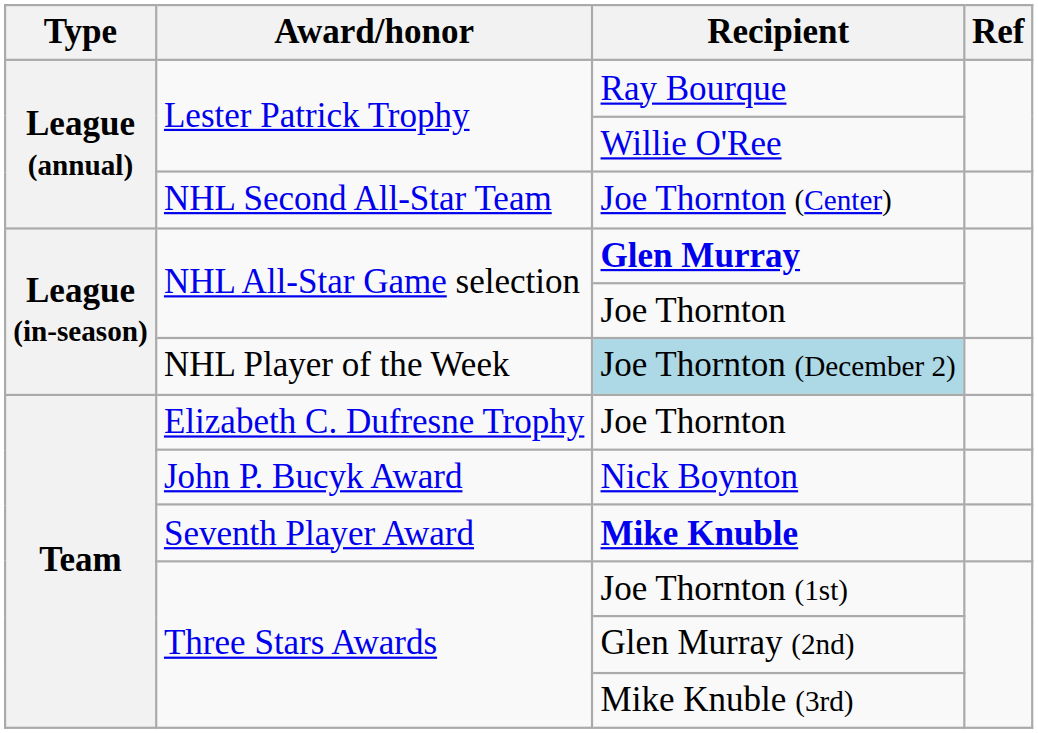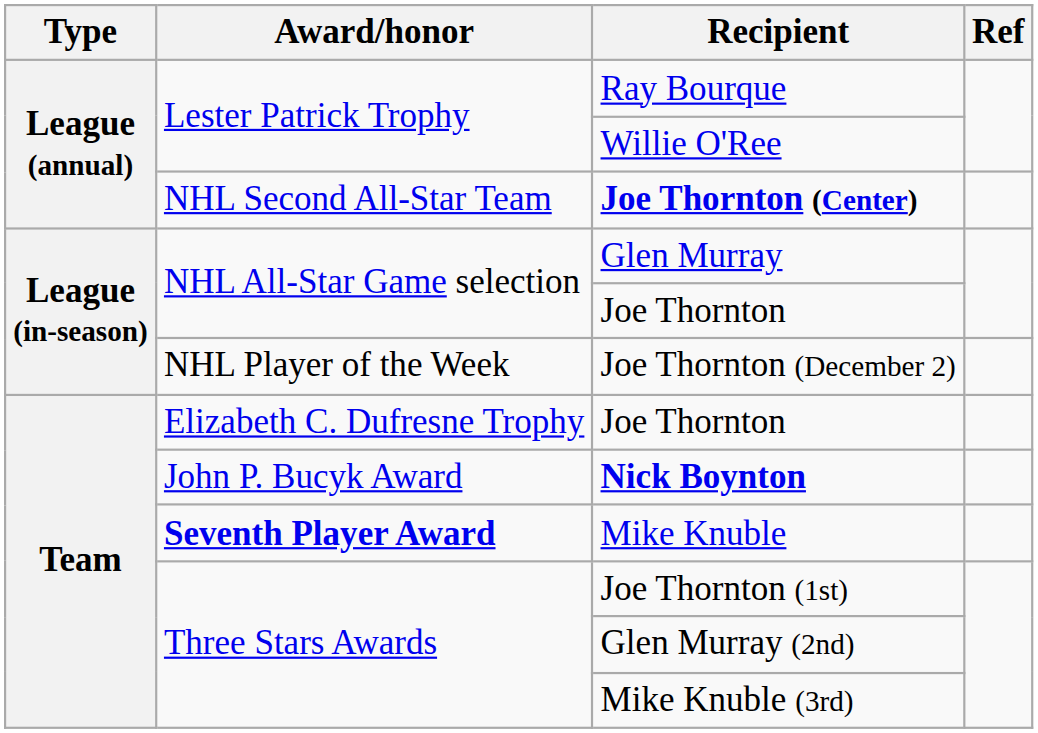 <table class="wikitable">
 <tr>
 <th scope="col">Type</th>
 <th scope="col">Award/honor</th>
 <th scope="col">Recipient</th>
 <th scope="col">Ref</th>
 </tr>
 <tr>
 <th scope="row" rowspan="3">League<br><small>(annual)</small></th>
 <td rowspan="2"><a href='#'>Lester Patrick Trophy</a></td>
 <td><a href='#'>Ray Bourque</a></td>
 <td rowspan="2"></td>
 </tr>
 <tr>
 <td><a href='#'>Willie O'Ree</a></td>
 </tr>
 <tr>
 <td><a href='#'>NHL Second All-Star Team</a></td>
-<td><a href='#'>Joe Thornton</a> <small>(<a href='#'>Center</a>)</small></td>
+<td><strong><a href='#'>Joe Thornton</a> <small>(<a href='#'>Center</a>)</small></strong></td>
 <td></td>
 </tr>
 <tr>
 <th scope="row" rowspan="3">League<br><small>(in-season)</small></th>
 <td rowspan="2"><a href='#'>NHL All-Star Game</a> selection</td>
-<td><strong><a href='#'>Glen Murray</a></strong></td>
+<td><a href='#'>Glen Murray</a></td>
 <td rowspan="2"></td>
 </tr>
 <tr>
 <td>Joe Thornton</td>
 </tr>
 <tr>
 <td>NHL Player of the Week</td>
-<td style="background: lightblue;">Joe Thornton <small>(December 2)</small></td>
+<td>Joe Thornton <small>(December 2)</small></td>
 <td></td>
 </tr>
 <tr>
 <th scope="row" rowspan="6">Team<br></th>
 <td><a href='#'>Elizabeth C. Dufresne Trophy</a></td>
 <td>Joe Thornton</td>
 <td></td>
 </tr>
 <tr>
 <td><a href='#'>John P. Bucyk Award</a></td>
-<td><a href='#'>Nick Boynton</a></td>
+<td><strong><a href='#'>Nick Boynton</a></strong></td>
 <td></td>
 </tr>
 <tr>
-<td><a href='#'>Seventh Player Award</a></td>
-<td><strong><a href='#'>Mike Knuble</a></strong></td>
+<td><strong><a href='#'>Seventh Player Award</a></strong></td>
+<td><a href='#'>Mike Knuble</a></td>
 <td></td>
 </tr>
 <tr>
 <td rowspan="5"><a href='#'>Three Stars Awards</a></td>
 <td>Joe Thornton <small>(1st)</small></td>
 <td rowspan="5"></td>
 </tr>
 <tr>
 <td>Glen Murray <small>(2nd)</small></td>
 </tr>
 <tr>
 <td>Mike Knuble <small>(3rd)</small></td>
 </tr>
 </table>
